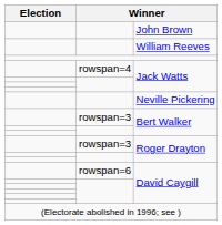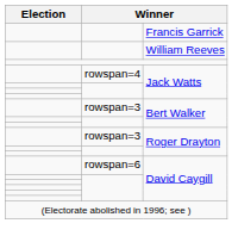 <table class=wikitable>
 <tr>
 <th width=100>Election</th>
 <th width=175 colspan=2>Winner</th>
 </tr>
 <tr>
 <td></td>
 <td></td>
-<td><a href='#'>John Brown</a></td>
+<td><a href='#'>Francis Garrick</a></td>
 </tr>
 <tr>
 <td></td>
 <td></td>
 <td><a href='#'>William Reeves</a></td>
 </tr>
 <tr>
 <td colspan=3 align=center></td>
 </tr>
 <tr>
 <td></td>
 <td>rowspan=4 </td>
 <td rowspan=4><a href='#'>Jack Watts</a></td>
 </tr>
 <tr>
 <td></td>
 </tr>
 <tr>
 <td></td>
 </tr>
 <tr>
 <td></td>
-</tr>
-<tr>
-<td></td>
-<td></td>
-<td><a href='#'>Neville Pickering</a></td>
 </tr>
 <tr>
 <td></td>
 <td>rowspan=3 </td>
 <td rowspan=3><a href='#'>Bert Walker</a></td>
 </tr>
 <tr>
 <td></td>
 </tr>
 <tr>
 <td></td>
 </tr>
 <tr>
 <td></td>
 <td>rowspan=3 </td>
 <td rowspan=3><a href='#'>Roger Drayton</a></td>
 </tr>
 <tr>
 <td></td>
 </tr>
 <tr>
 <td></td>
 </tr>
 <tr>
 <td></td>
 <td>rowspan=6 </td>
 <td rowspan=6><a href='#'>David Caygill</a></td>
 </tr>
 <tr>
 <td></td>
 </tr>
 <tr>
 <td></td>
 </tr>
 <tr>
 <td></td>
 </tr>
 <tr>
 <td></td>
 </tr>
 <tr>
 <td></td>
 </tr>
 <tr>
 <td colspan=3 align=center><small>(Electorate abolished in 1996; see )</small></td>
 </tr>
 </table>
